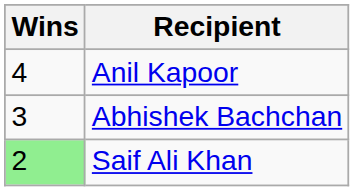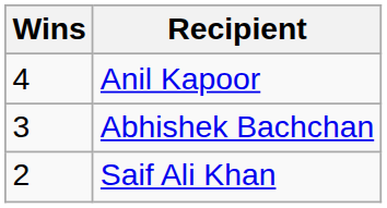 <table class="wikitable">
 <tr>
 <th>Wins</th>
 <th>Recipient</th>
 </tr>
 <tr>
 <td>4</td>
 <td><a href='#'>Anil Kapoor</a></td>
 </tr>
 <tr>
 <td>3</td>
 <td><a href='#'>Abhishek Bachchan</a></td>
 </tr>
 <tr>
-<td style="background: lightgreen;">2</td>
+<td>2</td>
 <td><a href='#'>Saif Ali Khan</a></td>
 </tr>
 </table>
